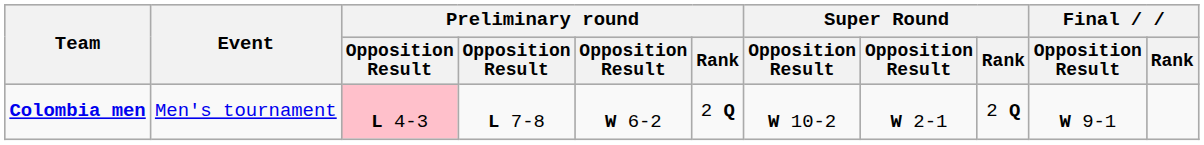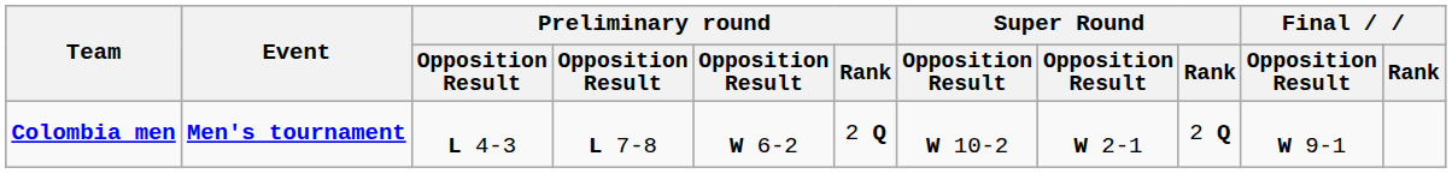 <table class="wikitable" style="font-size:90%;text-align:center">
 <tr>
 <th rowspan=2>Team</th>
 <th rowspan=2>Event</th>
 <th colspan=4>Preliminary round</th>
 <th colspan=3>Super Round</th>
 <th colspan=2>Final /  / </th>
 </tr>
 <tr style=font-size:95%>
 <th>Opposition<br>Result</th>
 <th>Opposition<br>Result</th>
 <th>Opposition<br>Result</th>
 <th>Rank</th>
 <th>Opposition<br>Result</th>
 <th>Opposition<br>Result</th>
 <th>Rank</th>
 <th>Opposition<br>Result</th>
 <th>Rank</th>
 </tr>
 <tr>
 <td style="text-align:left"><strong><a href='#'>Colombia men</a></strong></td>
-<td style="text-align:left"><a href='#'>Men's tournament</a></td>
-<td style="background: pink;"><br><strong>L</strong> 4-3</td>
+<td style="text-align:left"><strong><a href='#'>Men's tournament</a></strong></td>
+<td><br><strong>L</strong> 4-3</td>
 <td><br><strong>L</strong> 7-8</td>
 <td><br><strong>W</strong> 6-2</td>
 <td>2 <strong>Q</strong></td>
 <td><br><strong>W</strong> 10-2</td>
 <td><br><strong>W</strong> 2-1</td>
 <td>2 <strong>Q</strong></td>
 <td><br><strong>W</strong> 9-1</td>
 <td></td>
 </tr>
 </table>
